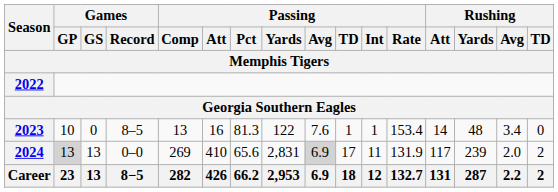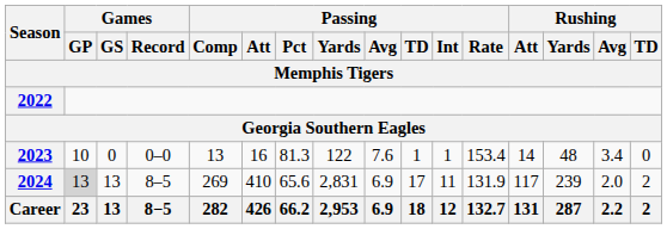 <table class="wikitable" style="text-align:center;">
 <tr>
 <th rowspan="2">Season</th>
 <th colspan="3">Games</th>
 <th colspan="8">Passing</th>
 <th colspan="5">Rushing</th>
 </tr>
 <tr>
 <th>GP</th>
 <th>GS</th>
 <th>Record</th>
 <th>Comp</th>
 <th>Att</th>
 <th>Pct</th>
 <th>Yards</th>
 <th>Avg</th>
 <th>TD</th>
 <th>Int</th>
 <th>Rate</th>
 <th>Att</th>
 <th>Yards</th>
 <th>Avg</th>
 <th>TD</th>
 </tr>
 <tr>
 <th colspan="16">Memphis Tigers</th>
 </tr>
 <tr>
 <th><a href='#'>2022</a></th>
 <td colspan="15"></td>
 </tr>
 <tr>
 <th colspan="16">Georgia Southern Eagles</th>
 </tr>
 <tr>
 <th><a href='#'>2023</a></th>
 <td>10</td>
 <td>0</td>
-<td>8–5</td>
+<td>0–0</td>
 <td>13</td>
 <td>16</td>
 <td>81.3</td>
 <td>122</td>
 <td>7.6</td>
 <td>1</td>
 <td>1</td>
 <td>153.4</td>
 <td>14</td>
 <td>48</td>
 <td>3.4</td>
 <td>0</td>
 </tr>
 <tr>
 <th><a href='#'>2024</a></th>
 <td style="background: lightgrey;">13</td>
 <td>13</td>
-<td>0–0</td>
+<td>8–5</td>
 <td>269</td>
 <td>410</td>
 <td>65.6</td>
 <td>2,831</td>
-<td style="background: lightgrey;">6.9</td>
+<td>6.9</td>
 <td>17</td>
 <td>11</td>
 <td>131.9</td>
 <td>117</td>
 <td>239</td>
 <td>2.0</td>
 <td>2</td>
 </tr>
 <tr>
 <th>Career</th>
 <th>23</th>
 <th>13</th>
 <th>8−5</th>
 <th>282</th>
 <th>426</th>
 <th>66.2</th>
 <th>2,953</th>
 <th>6.9</th>
 <th>18</th>
 <th>12</th>
 <th>132.7</th>
 <th>131</th>
 <th>287</th>
 <th>2.2</th>
 <th>2</th>
 </tr>
 </table>
